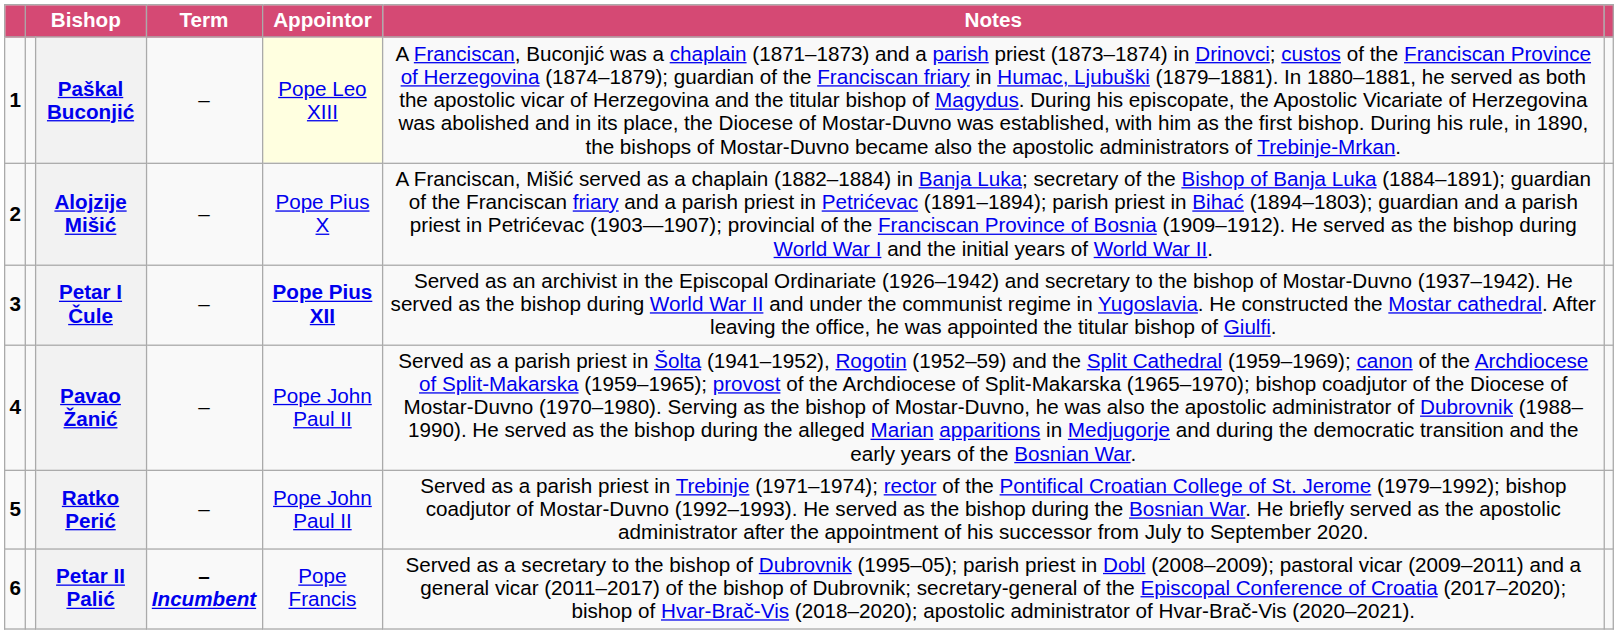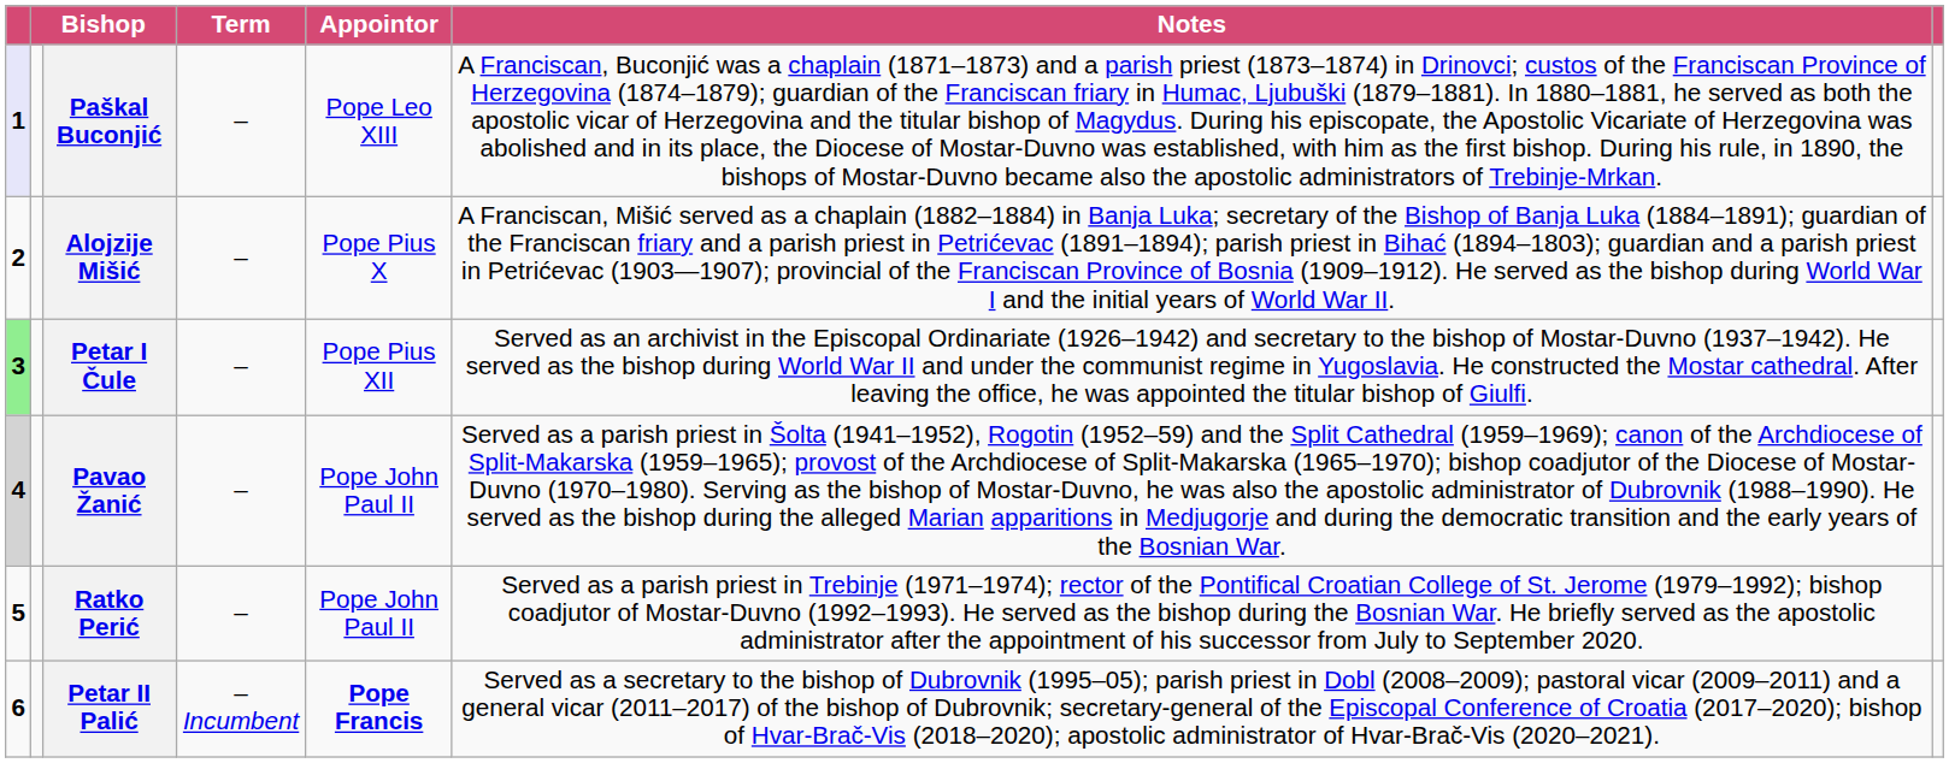 <table class="wikitable" style="text-align:center;">
 <tr>
 <th scope=col style="background-color: #d54974; color: white;"></th>
 <th scope=col style="background-color: #d54974; color: white;" colspan="2">Bishop</th>
 <th scope=col style="background-color: #d54974; color: white;">Term</th>
 <th scope=col style="background-color: #d54974; color: white;">Appointor</th>
 <th scope=col style="background-color: #d54974; color: white;">Notes</th>
 <th scope=col style="background-color: #d54974; color: white;"></th>
 </tr>
 <tr style="height:2em;">
-<td><strong>1</strong></td>
+<td style="background: lavender;"><strong>1</strong></td>
 <td></td>
 <th scope=row><a href='#'>Paškal Buconjić</a></th>
 <td>–</td>
-<td data-sort-value="Leo" style="background: lightyellow;"><a href='#'>Pope Leo XIII</a></td>
+<td data-sort-value="Leo"><a href='#'>Pope Leo XIII</a></td>
 <td>A <a href='#'>Franciscan</a>, Buconjić was a <a href='#'>chaplain</a> (1871–1873) and a <a href='#'>parish</a> priest (1873–1874) in <a href='#'>Drinovci</a>; <a href='#'>custos</a> of the <a href='#'>Franciscan Province of Herzegovina</a> (1874–1879); guardian of the <a href='#'>Franciscan friary</a> in <a href='#'>Humac, Ljubuški</a> (1879–1881). In 1880–1881, he served as both the apostolic vicar of Herzegovina and the titular bishop of <a href='#'>Magydus</a>. During his episcopate, the Apostolic Vicariate of Herzegovina was abolished and in its place, the Diocese of Mostar-Duvno was established, with him as the first bishop. During his rule, in 1890, the bishops of Mostar-Duvno became also the apostolic administrators of <a href='#'>Trebinje-Mrkan</a>.</td>
 <td></td>
 </tr>
 <tr style="height:2em;">
 <td><strong>2</strong></td>
 <td></td>
 <th scope=row><a href='#'>Alojzije Mišić</a></th>
 <td>–</td>
 <td data-sort-value="Pius X"><a href='#'>Pope Pius X</a></td>
 <td>A Franciscan, Mišić served as a chaplain (1882–1884) in <a href='#'>Banja Luka</a>; secretary of the <a href='#'>Bishop of Banja Luka</a> (1884–1891); guardian of the Franciscan <a href='#'>friary</a> and a parish priest in <a href='#'>Petrićevac</a> (1891–1894); parish priest in <a href='#'>Bihać</a> (1894–1803); guardian and a parish priest in Petrićevac (1903—1907); provincial of the <a href='#'>Franciscan Province of Bosnia</a> (1909–1912). He served as the bishop during <a href='#'>World War I</a> and the initial years of <a href='#'>World War II</a>.</td>
 <td></td>
 </tr>
 <tr style="height:2em;">
-<td><strong>3</strong></td>
+<td style="background: lightgreen;"><strong>3</strong></td>
 <td></td>
 <th scope=row><a href='#'>Petar I Čule</a></th>
 <td>–</td>
-<td data-sort-value="Pius XII"><strong><a href='#'>Pope Pius XII</a></strong></td>
+<td data-sort-value="Pius XII"><a href='#'>Pope Pius XII</a></td>
 <td>Served as an archivist in the Episcopal Ordinariate (1926–1942) and secretary to the bishop of Mostar-Duvno (1937–1942). He served as the bishop during <a href='#'>World War II</a> and under the communist regime in <a href='#'>Yugoslavia</a>. He constructed the <a href='#'>Mostar cathedral</a>. After leaving the office, he was appointed the titular bishop of <a href='#'>Giulfi</a>.</td>
 <td></td>
 </tr>
 <tr style="height:2em;">
-<td><strong>4</strong></td>
+<td style="background: lightgrey;"><strong>4</strong></td>
 <td></td>
 <th scope=row><a href='#'>Pavao Žanić</a></th>
 <td>–</td>
 <td data-sort-value="John Paul II"><a href='#'>Pope John Paul II</a></td>
 <td>Served as a parish priest in <a href='#'>Šolta</a> (1941–1952), <a href='#'>Rogotin</a> (1952–59) and the <a href='#'>Split Cathedral</a> (1959–1969); <a href='#'>canon</a> of the <a href='#'>Archdiocese of Split-Makarska</a> (1959–1965); <a href='#'>provost</a> of the Archdiocese of Split-Makarska (1965–1970); bishop coadjutor of the Diocese of Mostar-Duvno (1970–1980). Serving as the bishop of Mostar-Duvno, he was also the apostolic administrator of <a href='#'>Dubrovnik</a> (1988–1990). He served as the bishop during the alleged <a href='#'>Marian</a> <a href='#'>apparitions</a> in <a href='#'>Medjugorje</a> and during the democratic transition and the early years of the <a href='#'>Bosnian War</a>.</td>
 <td></td>
 </tr>
 <tr style="height:2em;">
 <td><strong>5</strong></td>
 <td></td>
 <th scope=row><a href='#'>Ratko Perić</a></th>
 <td>–</td>
 <td data-sort-value="John Paul II"><a href='#'>Pope John Paul II</a></td>
 <td>Served as a parish priest in <a href='#'>Trebinje</a> (1971–1974); <a href='#'>rector</a> of the <a href='#'>Pontifical Croatian College of St. Jerome</a> (1979–1992); bishop coadjutor of Mostar-Duvno (1992–1993). He served as the bishop during the <a href='#'>Bosnian War</a>. He briefly served as the apostolic administrator after the appointment of his successor from July to September 2020.</td>
 <td></td>
 </tr>
 <tr style="height:2em;">
 <td><strong>6</strong></td>
 <td></td>
 <th scope=row><a href='#'>Petar II Palić</a></th>
-<td><strong>–<em><a href='#'>Incumbent</a></em></strong></td>
-<td data-sort-value="Francis"><a href='#'>Pope Francis</a></td>
+<td>–<em><a href='#'>Incumbent</a></em></td>
+<td data-sort-value="Francis"><strong><a href='#'>Pope Francis</a></strong></td>
 <td>Served as a secretary to the bishop of <a href='#'>Dubrovnik</a> (1995–05); parish priest in <a href='#'>Dobl</a> (2008–2009); pastoral vicar (2009–2011) and a general vicar (2011–2017) of the bishop of Dubrovnik; secretary-general of the <a href='#'>Episcopal Conference of Croatia</a> (2017–2020); bishop of <a href='#'>Hvar-Brač-Vis</a> (2018–2020); apostolic administrator of Hvar-Brač-Vis (2020–2021).</td>
 <td></td>
 </tr>
 </table>
